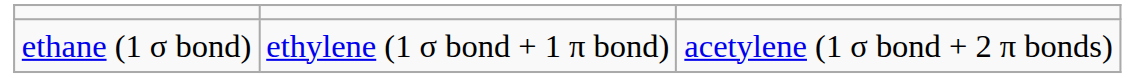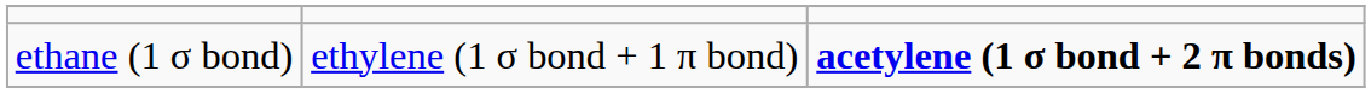 <table class="wikitable" style="margin:1em auto; text-align:center;">
 <tr>
 <td></td>
 <td></td>
 <td></td>
 </tr>
 <tr>
 <td><a href='#'>ethane</a> (1 σ bond)</td>
 <td><a href='#'>ethylene</a> (1 σ  bond + 1 π bond)</td>
-<td><a href='#'>acetylene</a> (1 σ  bond + 2 π bonds)</td>
+<td><strong><a href='#'>acetylene</a> (1 σ  bond + 2 π bonds)</strong></td>
 </tr>
 </table>
